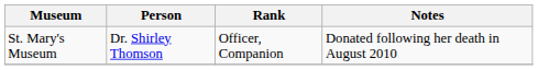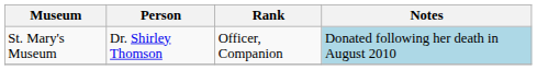 <table class="wikitable">
 <tr>
 <th>Museum</th>
 <th>Person</th>
 <th>Rank</th>
 <th>Notes</th>
 </tr>
 <tr>
 <td>St. Mary's Museum</td>
 <td>Dr. <a href='#'>Shirley Thomson</a></td>
 <td>Officer, Companion</td>
-<td>Donated following her death in August 2010 </td>
+<td style="background: lightblue;">Donated following her death in August 2010 </td>
 </tr>
 <tr>
 </tr>
 </table>
